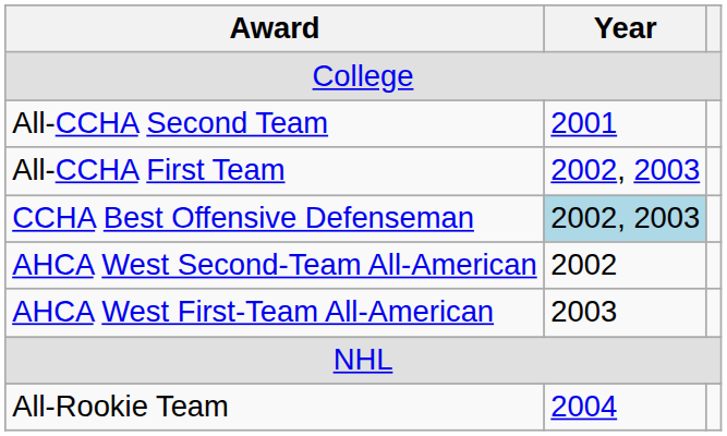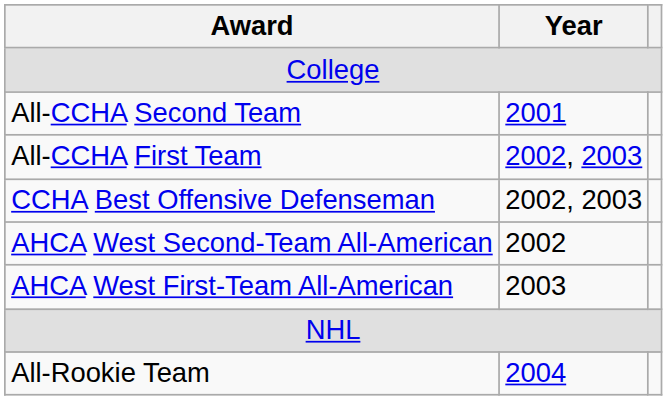 <table class="wikitable">
 <tr>
 <th>Award</th>
 <th>Year</th>
 <th></th>
 </tr>
 <tr ALIGN="center" bgcolor="#e0e0e0">
 <td colspan="3"><a href='#'>College</a></td>
 </tr>
 <tr>
 <td>All-<a href='#'>CCHA</a> <a href='#'>Second Team</a></td>
 <td><a href='#'>2001</a></td>
 <td></td>
 </tr>
 <tr>
 <td>All-<a href='#'>CCHA</a> <a href='#'>First Team</a></td>
 <td><a href='#'>2002</a>, <a href='#'>2003</a></td>
 <td></td>
 </tr>
 <tr>
 <td><a href='#'>CCHA</a> <a href='#'>Best Offensive Defenseman</a></td>
-<td style="background: lightblue;">2002, 2003</td>
+<td>2002, 2003</td>
 <td></td>
 </tr>
 <tr>
 <td><a href='#'>AHCA</a> <a href='#'>West Second-Team All-American</a></td>
 <td>2002</td>
 <td></td>
 </tr>
 <tr>
 <td><a href='#'>AHCA</a> <a href='#'>West First-Team All-American</a></td>
 <td>2003</td>
 <td></td>
 </tr>
 <tr ALIGN="center" bgcolor="#e0e0e0">
 <td colspan="3"><a href='#'>NHL</a></td>
 </tr>
 <tr>
 <td>All-Rookie Team</td>
 <td><a href='#'>2004</a></td>
 <td></td>
 </tr>
 </table>
